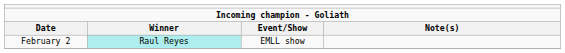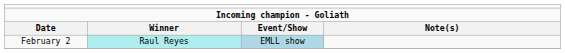 <table class="wikitable" style="text-align:center; width:100%;">
 <tr>
 <td colspan=5></td>
 </tr>
 <tr>
 <td colspan=5><strong>Incoming champion - Goliath</strong></td>
 </tr>
 <tr>
 <th width=14%>Date</th>
 <th width=26%>Winner</th>
 <th width=14%>Event/Show</th>
 <th width=40%>Note(s)</th>
 </tr>
 <tr>
 <td>February 2</td>
 <td style="background: paleturquoise;">Raul Reyes</td>
-<td>EMLL show</td>
+<td style="background: lightblue;">EMLL show</td>
 <td></td>
 </tr>
 <tr>
 </tr>
 </table>
